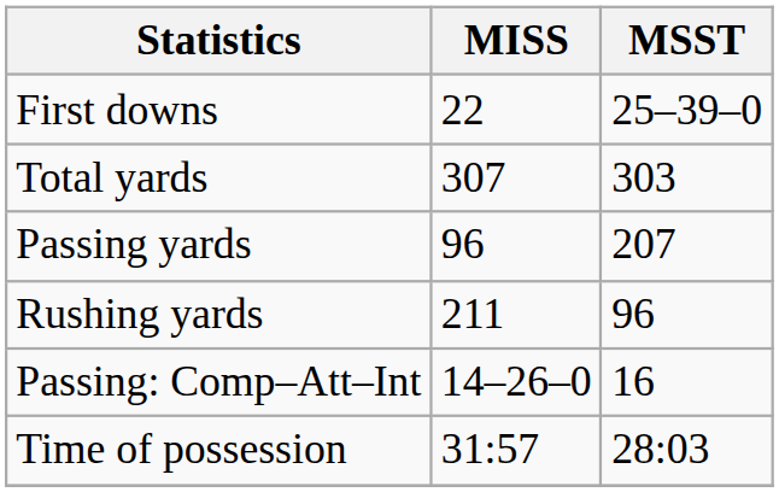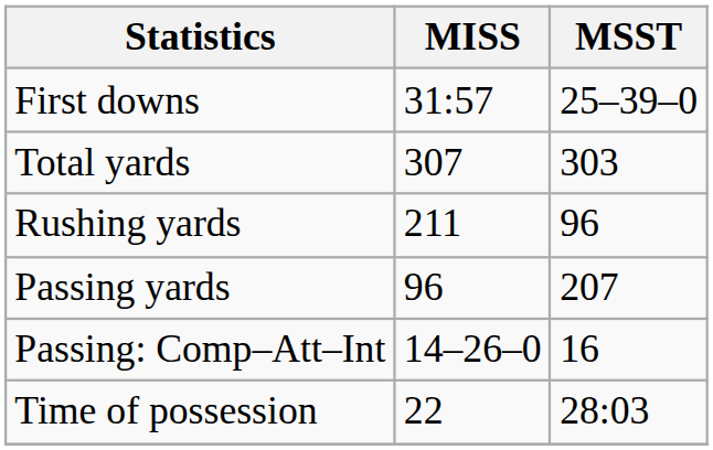 <table class="wikitable" style="float: left;">
 <tr>
 <th>Statistics</th>
 <th>MISS</th>
 <th>MSST</th>
 </tr>
 <tr>
 <td>First downs</td>
-<td>22</td>
+<td>31:57</td>
 <td>25–39–0</td>
 </tr>
 <tr>
 <td>Total yards</td>
 <td>307</td>
 <td>303</td>
 </tr>
 <tr>
+<td>Rushing yards</td>
+<td>211</td>
+<td>96</td>
+</tr>
+<tr>
 <td>Passing yards</td>
 <td>96</td>
 <td>207</td>
-</tr>
-<tr>
-<td>Rushing yards</td>
-<td>211</td>
-<td>96</td>
 </tr>
 <tr>
 <td>Passing: Comp–Att–Int</td>
 <td>14–26–0</td>
 <td>16</td>
 </tr>
 <tr>
 <td>Time of possession</td>
-<td>31:57</td>
+<td>22</td>
 <td>28:03</td>
 </tr>
 <tr>
 </tr>
 </table>
